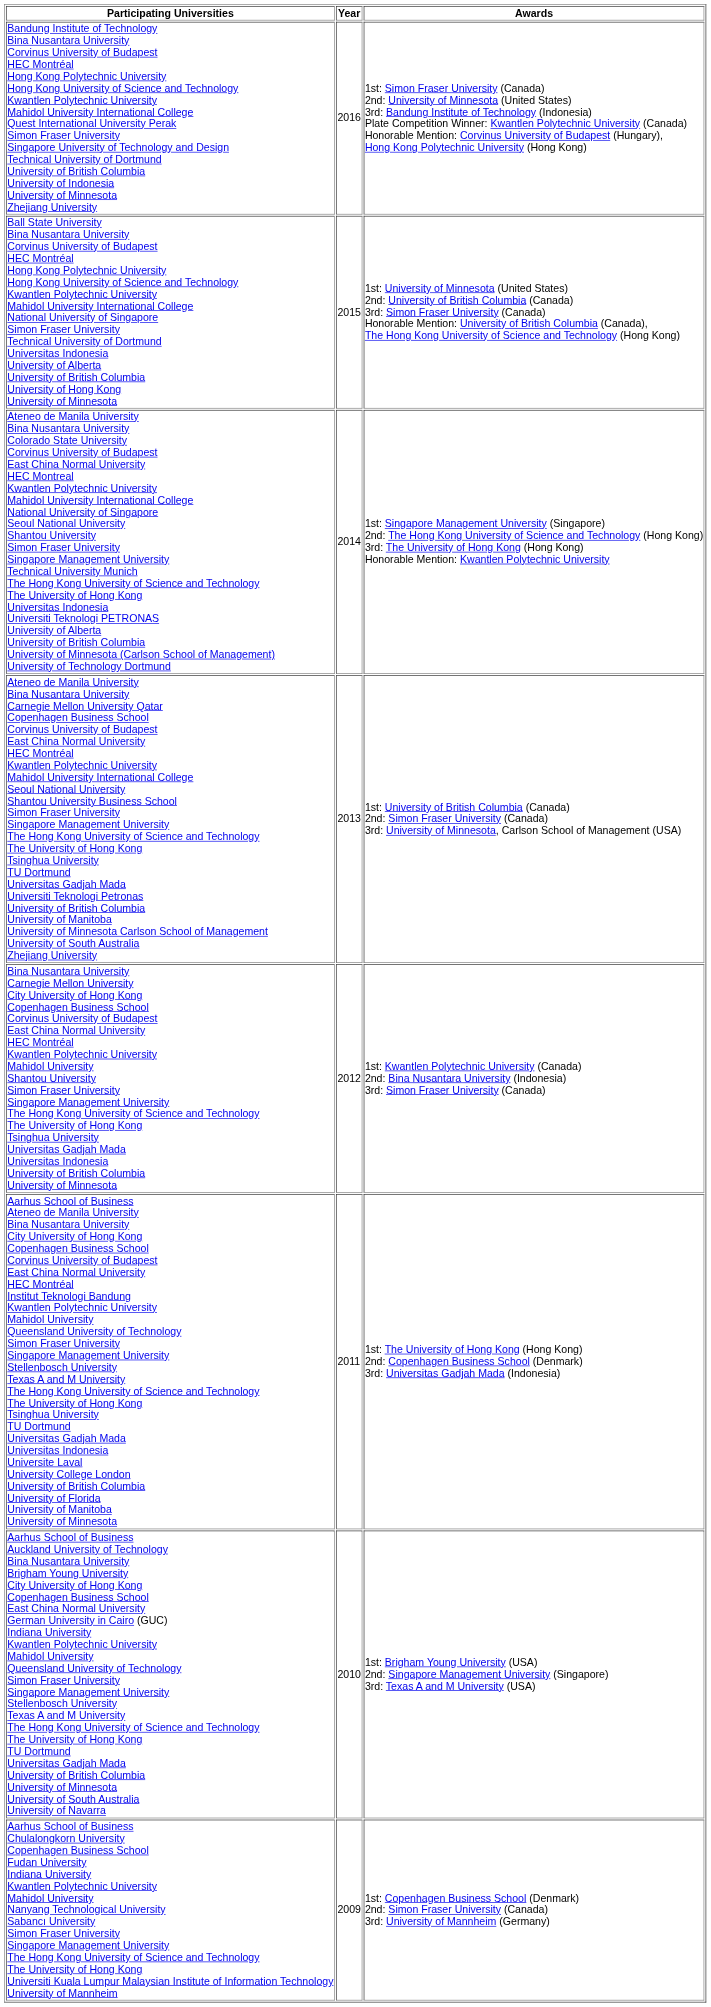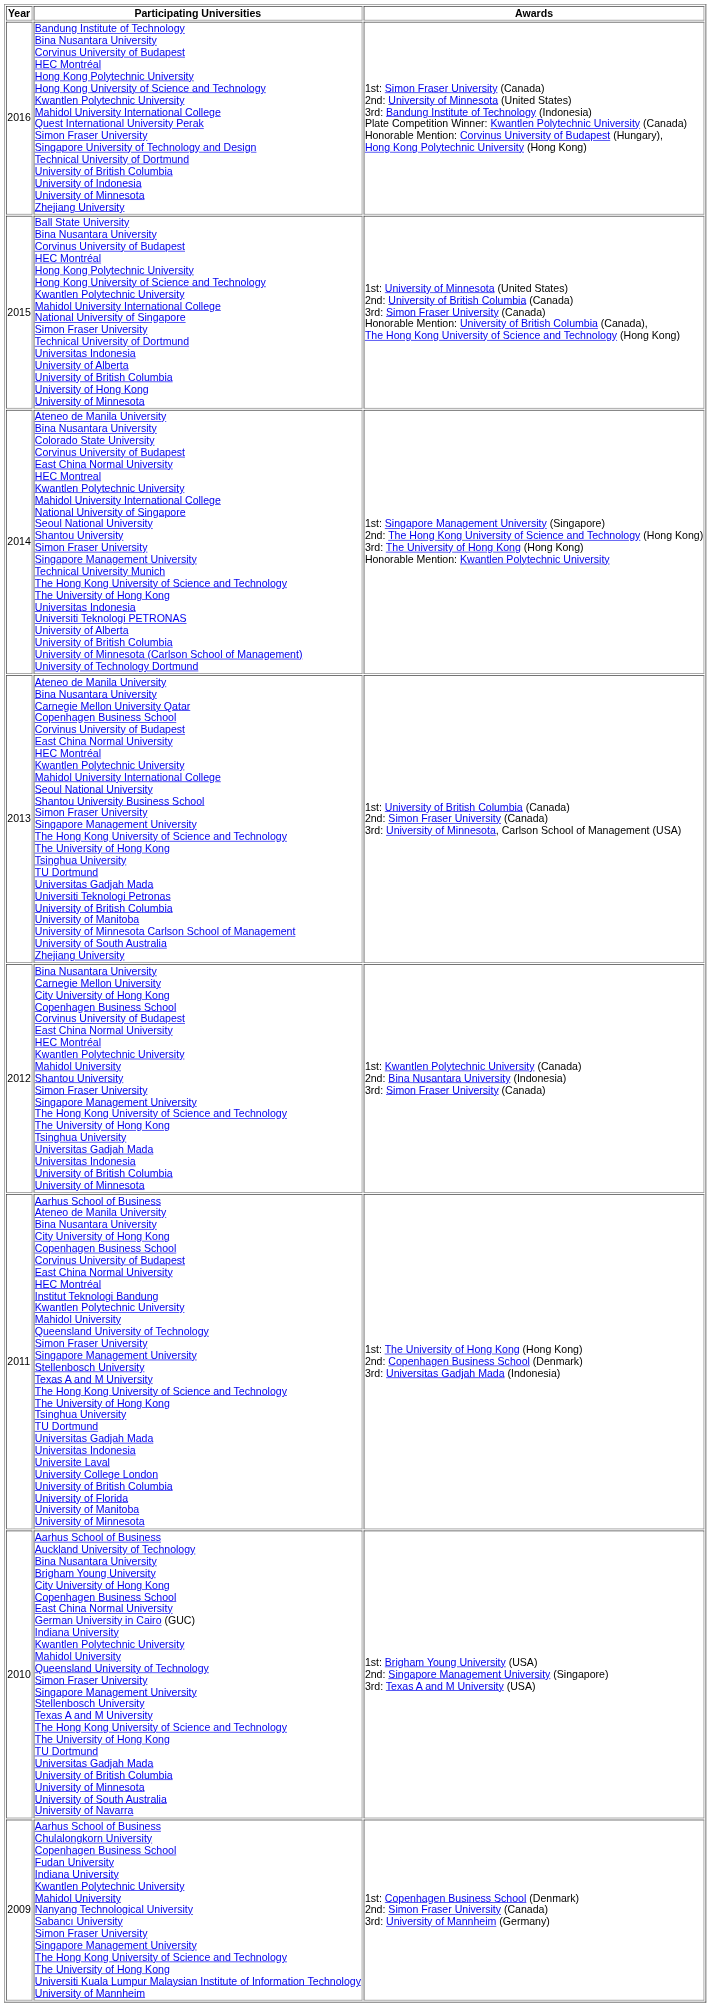 <table class="History" border="1">
 <tr>
+<th>Year</th>
 <th>Participating Universities</th>
-<th>Year</th>
 <th>Awards</th>
 </tr>
 <tr>
+<td>2016</td>
 <td><a href='#'>Bandung Institute of Technology</a><br><a href='#'>Bina Nusantara University</a><br><a href='#'>Corvinus University of Budapest</a><br><a href='#'>HEC Montréal</a><br><a href='#'>Hong Kong Polytechnic University</a><br><a href='#'>Hong Kong University of Science and Technology</a><br><a href='#'>Kwantlen Polytechnic University</a><br><a href='#'>Mahidol University International College</a><br><a href='#'>Quest International University Perak</a><br><a href='#'>Simon Fraser University</a><br><a href='#'>Singapore University of Technology and Design</a><br><a href='#'>Technical University of Dortmund</a><br><a href='#'>University of British Columbia</a><br><a href='#'>University of Indonesia</a><br><a href='#'>University of Minnesota</a><br><a href='#'>Zhejiang University</a></td>
-<td>2016</td>
 <td>1st: <a href='#'>Simon Fraser University</a> (Canada)<br>2nd: <a href='#'>University of Minnesota</a> (United States)<br>3rd: <a href='#'>Bandung Institute of Technology</a> (Indonesia)<br>Plate Competition Winner: <a href='#'>Kwantlen Polytechnic University</a> (Canada)<br>Honorable Mention: <a href='#'>Corvinus University of Budapest</a> (Hungary),<br><a href='#'>Hong Kong Polytechnic University</a> (Hong Kong)</td>
 </tr>
 <tr>
+<td>2015</td>
 <td><a href='#'>Ball State University</a><br><a href='#'>Bina Nusantara University</a><br><a href='#'>Corvinus University of Budapest</a><br><a href='#'>HEC Montréal</a><br><a href='#'>Hong Kong Polytechnic University</a><br><a href='#'>Hong Kong University of Science and Technology</a><br><a href='#'>Kwantlen Polytechnic University</a><br><a href='#'>Mahidol University International College</a><br><a href='#'>National University of Singapore</a><br><a href='#'>Simon Fraser University</a><br><a href='#'>Technical University of Dortmund</a><br><a href='#'>Universitas Indonesia</a><br><a href='#'>University of Alberta</a><br><a href='#'>University of British Columbia</a><br><a href='#'>University of Hong Kong</a><br><a href='#'>University of Minnesota</a></td>
-<td>2015</td>
 <td>1st: <a href='#'>University of Minnesota</a> (United States)<br>2nd: <a href='#'>University of British Columbia</a> (Canada)<br>3rd: <a href='#'>Simon Fraser University</a> (Canada)<br>Honorable Mention: <a href='#'>University of British Columbia</a> (Canada),<br><a href='#'>The Hong Kong University of Science and Technology</a> (Hong Kong)</td>
 </tr>
 <tr>
+<td>2014</td>
 <td><a href='#'>Ateneo de Manila University</a><br><a href='#'>Bina Nusantara University</a><br><a href='#'>Colorado State University</a><br><a href='#'>Corvinus University of Budapest</a><br><a href='#'>East China Normal University</a><br><a href='#'>HEC Montreal</a><br><a href='#'>Kwantlen Polytechnic University</a><br><a href='#'>Mahidol University International College</a><br><a href='#'>National University of Singapore</a><br><a href='#'>Seoul National University</a><br><a href='#'>Shantou University</a><br><a href='#'>Simon Fraser University</a><br><a href='#'>Singapore Management University</a><br><a href='#'>Technical University Munich</a><br><a href='#'>The Hong Kong University of Science and Technology</a><br><a href='#'>The University of Hong Kong</a><br><a href='#'>Universitas Indonesia</a><br><a href='#'>Universiti Teknologi PETRONAS</a><br><a href='#'>University of Alberta</a><br><a href='#'>University of British Columbia</a><br><a href='#'>University of Minnesota (Carlson School of Management)</a><br><a href='#'>University of Technology Dortmund</a></td>
-<td>2014</td>
 <td>1st: <a href='#'>Singapore Management University</a> (Singapore)<br>2nd: <a href='#'>The Hong Kong University of Science and Technology</a> (Hong Kong)<br>3rd: <a href='#'>The University of Hong Kong</a> (Hong Kong)<br>Honorable Mention: <a href='#'>Kwantlen Polytechnic University</a></td>
 </tr>
 <tr>
+<td>2013</td>
 <td><a href='#'>Ateneo de Manila University</a><br><a href='#'>Bina Nusantara University</a><br><a href='#'>Carnegie Mellon University Qatar</a><br><a href='#'>Copenhagen Business School</a><br><a href='#'>Corvinus University of Budapest</a><br><a href='#'>East China Normal University</a><br><a href='#'>HEC Montréal</a><br><a href='#'>Kwantlen Polytechnic University</a><br><a href='#'>Mahidol University International College</a><br><a href='#'>Seoul National University</a><br><a href='#'>Shantou University Business School</a><br><a href='#'>Simon Fraser University</a><br><a href='#'>Singapore Management University</a><br><a href='#'>The Hong Kong University of Science and Technology</a><br><a href='#'>The University of Hong Kong</a><br><a href='#'>Tsinghua University</a><br><a href='#'>TU Dortmund</a><br><a href='#'>Universitas Gadjah Mada</a><br><a href='#'>Universiti Teknologi Petronas</a><br><a href='#'>University of British Columbia</a><br><a href='#'>University of Manitoba</a><br><a href='#'>University of Minnesota Carlson School of Management</a><br><a href='#'>University of South Australia</a><br><a href='#'>Zhejiang University</a></td>
-<td>2013</td>
 <td>1st: <a href='#'>University of British Columbia</a> (Canada)<br>2nd: <a href='#'>Simon Fraser University</a> (Canada) <br>3rd: <a href='#'>University of Minnesota</a>, Carlson School of Management (USA)</td>
 </tr>
 <tr>
+<td>2012</td>
 <td><a href='#'>Bina Nusantara University</a><br><a href='#'>Carnegie Mellon University</a><br><a href='#'>City University of Hong Kong</a><br><a href='#'>Copenhagen Business School</a><br><a href='#'>Corvinus University of Budapest</a><br><a href='#'>East China Normal University</a><br><a href='#'>HEC Montréal</a><br><a href='#'>Kwantlen Polytechnic University</a><br><a href='#'>Mahidol University</a><br><a href='#'>Shantou University</a><br><a href='#'>Simon Fraser University</a><br><a href='#'>Singapore Management University</a><br><a href='#'>The Hong Kong University of Science and Technology</a><br><a href='#'>The University of Hong Kong</a><br><a href='#'>Tsinghua University</a><br><a href='#'>Universitas Gadjah Mada</a><br><a href='#'>Universitas Indonesia</a><br><a href='#'>University of British Columbia</a><br><a href='#'>University of Minnesota</a></td>
-<td>2012</td>
 <td>1st: <a href='#'>Kwantlen Polytechnic University</a> (Canada)<br>2nd: <a href='#'>Bina Nusantara University</a> (Indonesia)<br>3rd: <a href='#'>Simon Fraser University</a> (Canada)</td>
 </tr>
 <tr>
+<td>2011</td>
 <td><a href='#'>Aarhus School of Business</a><br><a href='#'>Ateneo de Manila University</a><br><a href='#'>Bina Nusantara University</a><br><a href='#'>City University of Hong Kong</a><br><a href='#'>Copenhagen Business School</a><br><a href='#'>Corvinus University of Budapest</a><br><a href='#'>East China Normal University</a><br><a href='#'>HEC Montréal</a><br><a href='#'>Institut Teknologi Bandung</a><br><a href='#'>Kwantlen Polytechnic University</a><br><a href='#'>Mahidol University</a><br><a href='#'>Queensland University of Technology</a><br><a href='#'>Simon Fraser University</a><br><a href='#'>Singapore Management University</a><br><a href='#'>Stellenbosch University</a><br><a href='#'>Texas A and M University</a><br><a href='#'>The Hong Kong University of Science and Technology</a><br><a href='#'>The University of Hong Kong</a><br><a href='#'>Tsinghua University</a><br><a href='#'>TU Dortmund</a><br><a href='#'>Universitas Gadjah Mada</a><br><a href='#'>Universitas Indonesia</a><br><a href='#'>Universite Laval</a><br><a href='#'>University College London</a><br><a href='#'>University of British Columbia</a><br><a href='#'>University of Florida</a><br><a href='#'>University of Manitoba</a><br><a href='#'>University of Minnesota</a></td>
-<td>2011</td>
 <td>1st: <a href='#'>The University of Hong Kong</a> (Hong Kong)<br>2nd: <a href='#'>Copenhagen Business School</a> (Denmark)<br>3rd: <a href='#'>Universitas Gadjah Mada</a> (Indonesia)</td>
 </tr>
 <tr>
+<td>2010</td>
 <td><a href='#'>Aarhus School of Business</a><br><a href='#'>Auckland University of Technology</a><br><a href='#'>Bina Nusantara University</a><br><a href='#'>Brigham Young University</a><br><a href='#'>City University of Hong Kong</a><br><a href='#'>Copenhagen Business School</a><br><a href='#'>East China Normal University</a><br><a href='#'>German University in Cairo</a> (GUC)<br><a href='#'>Indiana University</a><br><a href='#'>Kwantlen Polytechnic University</a><br><a href='#'>Mahidol University</a><br><a href='#'>Queensland University of Technology</a><br><a href='#'>Simon Fraser University</a><br><a href='#'>Singapore Management University</a><br><a href='#'>Stellenbosch University</a><br><a href='#'>Texas A and M University</a><br><a href='#'>The Hong Kong University of Science and Technology</a><br><a href='#'>The University of Hong Kong</a><br><a href='#'>TU Dortmund</a><br><a href='#'>Universitas Gadjah Mada</a><br><a href='#'>University of British Columbia</a><br><a href='#'>University of Minnesota</a><br><a href='#'>University of South Australia</a><br><a href='#'>University of Navarra</a></td>
-<td>2010</td>
 <td>1st: <a href='#'>Brigham Young University</a> (USA) <br>2nd: <a href='#'>Singapore Management University</a> (Singapore)<br>3rd: <a href='#'>Texas A and M University</a> (USA)</td>
 </tr>
 <tr>
+<td>2009</td>
 <td><a href='#'>Aarhus School of Business</a><br><a href='#'>Chulalongkorn University</a><br><a href='#'>Copenhagen Business School</a><br><a href='#'>Fudan University</a><br><a href='#'>Indiana University</a><br><a href='#'>Kwantlen Polytechnic University</a><br><a href='#'>Mahidol University</a><br><a href='#'>Nanyang Technological University</a><br><a href='#'>Sabancı University</a><br><a href='#'>Simon Fraser University</a><br><a href='#'>Singapore Management University</a><br><a href='#'>The Hong Kong University of Science and Technology</a><br><a href='#'>The University of Hong Kong</a><br><a href='#'>Universiti Kuala Lumpur Malaysian Institute of Information Technology</a><br><a href='#'>University of Mannheim</a></td>
-<td>2009</td>
 <td>1st: <a href='#'>Copenhagen Business School</a> (Denmark)<br>2nd: <a href='#'>Simon Fraser University</a> (Canada)<br>3rd: <a href='#'>University of Mannheim</a> (Germany)</td>
 </tr>
 </table>
